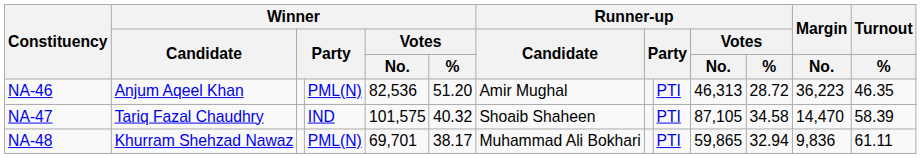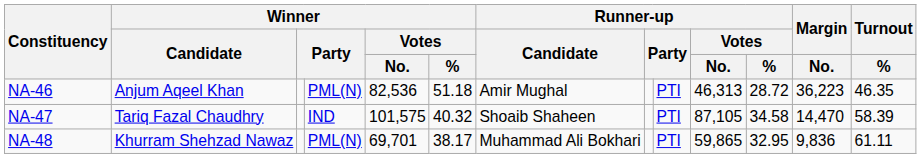 <table class="wikitable sortable static-row-numbers" style="text-align:left">
 <tr>
 <th rowspan="3">Constituency</th>
 <th colspan="5">Winner</th>
 <th colspan="5">Runner-up</th>
 <th rowspan="2">Margin</th>
 <th rowspan="2">Turnout</th>
 </tr>
 <tr>
 <th rowspan="2">Candidate</th>
 <th colspan="2" rowspan="2">Party</th>
 <th colspan="2">Votes</th>
 <th rowspan="2">Candidate</th>
 <th colspan="2" rowspan="2">Party</th>
 <th colspan="2">Votes</th>
 </tr>
 <tr>
 <th>No.</th>
 <th>%</th>
 <th>No.</th>
 <th>%</th>
 <th>No.</th>
 <th>%</th>
 </tr>
 <tr>
 <td><a href='#'>NA-46</a></td>
 <td><a href='#'>Anjum Aqeel Khan</a></td>
 <td></td>
 <td><a href='#'>PML(N)</a></td>
 <td>82,536</td>
-<td>51.20</td>
+<td>51.18</td>
 <td>Amir Mughal</td>
 <td></td>
 <td><a href='#'>PTI</a></td>
 <td>46,313</td>
 <td>28.72</td>
 <td>36,223</td>
 <td>46.35</td>
 </tr>
 <tr>
 <td><a href='#'>NA-47</a></td>
 <td><a href='#'>Tariq Fazal Chaudhry</a></td>
 <td></td>
 <td><a href='#'>IND</a></td>
 <td>101,575</td>
 <td>40.32</td>
 <td>Shoaib Shaheen</td>
 <td></td>
 <td><a href='#'>PTI</a></td>
 <td>87,105</td>
 <td>34.58</td>
 <td>14,470</td>
 <td>58.39</td>
 </tr>
 <tr>
 <td><a href='#'>NA-48</a></td>
 <td><a href='#'>Khurram Shehzad Nawaz</a></td>
 <td></td>
 <td><a href='#'>PML(N)</a></td>
 <td>69,701</td>
 <td>38.17</td>
 <td>Muhammad Ali Bokhari</td>
 <td></td>
 <td><a href='#'>PTI</a></td>
 <td>59,865</td>
-<td>32.94</td>
+<td>32.95</td>
 <td>9,836</td>
 <td>61.11</td>
 </tr>
 </table>
